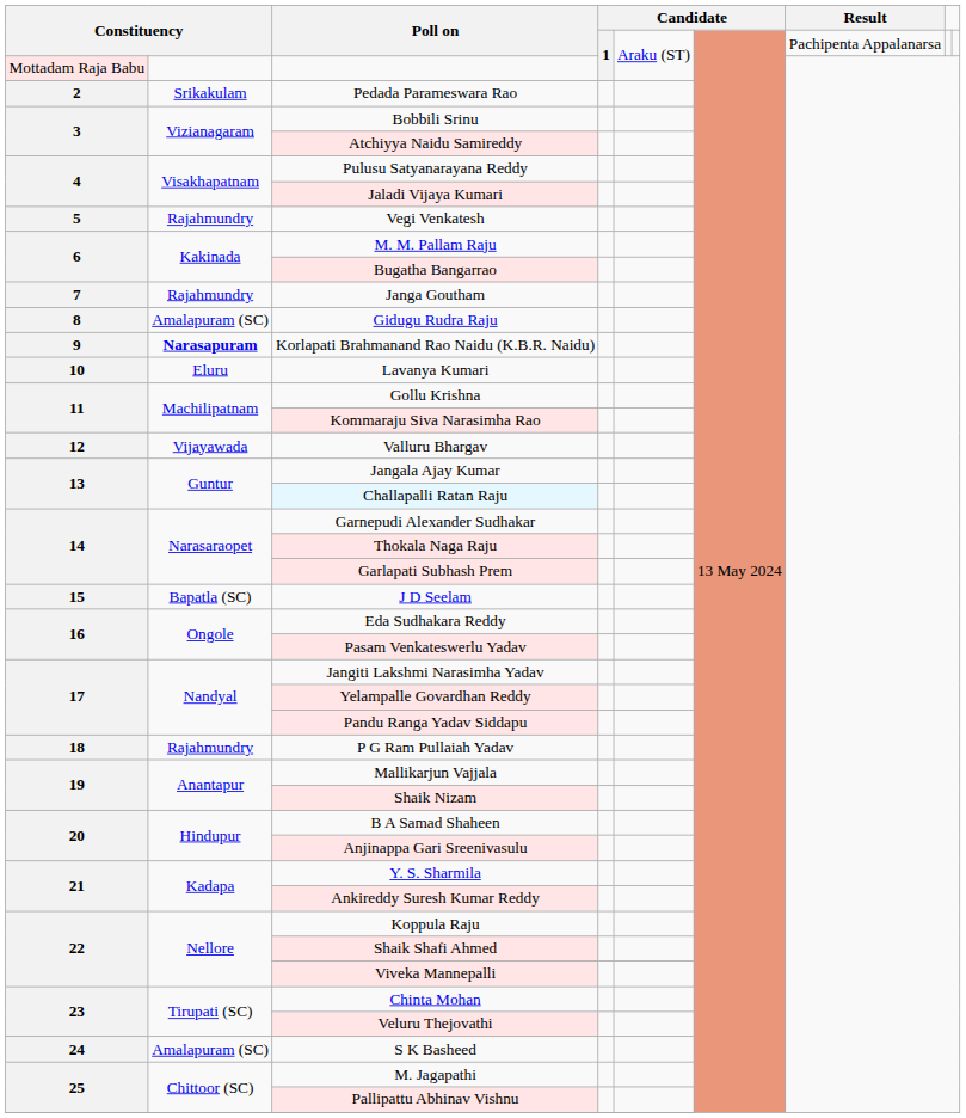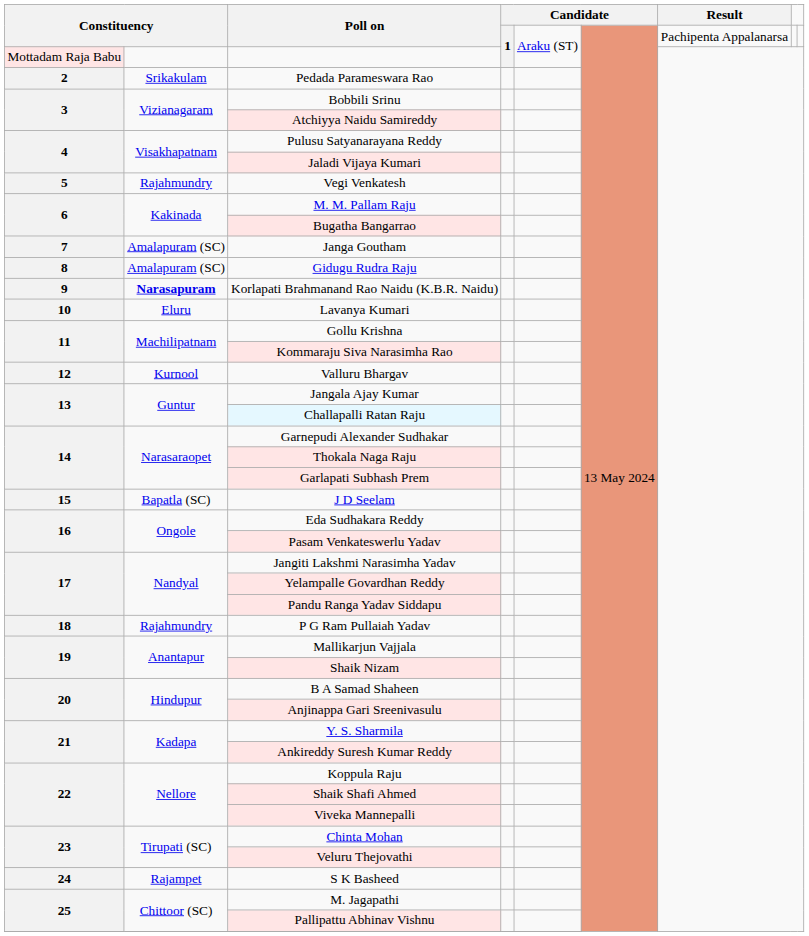 <table class="wikitable sortable"; style="text-align:center;">
 <tr>
 <th colspan="2" rowspan="2">Constituency</th>
 <th rowspan="2">Poll on</th>
 <th colspan="3">Candidate</th>
 <th>Result</th>
 </tr>
 <tr>
 <th rowspan="2">1</th>
 <td rowspan="2"><a href='#'>Araku</a> (ST)</td>
 <td rowspan="44" bgcolor="#E9967A">13 May 2024</td>
 <td>Pachipenta Appalanarsa</td>
 <td></td>
 <td></td>
 </tr>
 <tr>
 <td style="background:#ffe5e5">Mottadam Raja Babu</td>
 <td></td>
 <td></td>
 </tr>
 <tr>
 <th>2</th>
 <td><a href='#'>Srikakulam</a></td>
 <td>Pedada Parameswara Rao</td>
 <td></td>
 <td></td>
 </tr>
 <tr>
 <th rowspan="2">3</th>
 <td rowspan="2"><a href='#'>Vizianagaram</a></td>
 <td>Bobbili Srinu</td>
 <td></td>
 <td></td>
 </tr>
 <tr>
 <td style="background:#ffe5e5">Atchiyya Naidu Samireddy</td>
 <td></td>
 <td></td>
 </tr>
 <tr>
 <th rowspan="2">4</th>
 <td rowspan="2"><a href='#'>Visakhapatnam</a></td>
 <td>Pulusu Satyanarayana Reddy</td>
 <td></td>
 <td></td>
 </tr>
 <tr>
 <td style="background:#ffe5e5">Jaladi Vijaya Kumari</td>
 <td></td>
 <td></td>
 </tr>
 <tr>
 <th>5</th>
 <td><a href='#'>Rajahmundry</a></td>
 <td>Vegi Venkatesh</td>
 <td></td>
 <td></td>
 </tr>
 <tr>
 <th rowspan="2">6</th>
 <td rowspan="2"><a href='#'>Kakinada</a></td>
 <td><a href='#'>M. M. Pallam Raju</a></td>
 <td></td>
 <td></td>
 </tr>
 <tr>
 <td style="background:#ffe5e5">Bugatha Bangarrao</td>
 <td></td>
 <td></td>
 </tr>
 <tr>
 <th>7</th>
-<td><a href='#'>Rajahmundry</a></td>
+<td><a href='#'>Amalapuram</a> (SC)</td>
 <td>Janga Goutham</td>
 <td></td>
 <td></td>
 </tr>
 <tr>
 <th>8</th>
 <td><a href='#'>Amalapuram</a> (SC)</td>
 <td><a href='#'>Gidugu Rudra Raju</a></td>
 <td></td>
 <td></td>
 </tr>
 <tr>
 <th>9</th>
 <td><strong><a href='#'>Narasapuram</a></strong></td>
 <td>Korlapati Brahmanand Rao Naidu (K.B.R. Naidu)</td>
 <td></td>
 <td></td>
 </tr>
 <tr>
 <th>10</th>
 <td><a href='#'>Eluru</a></td>
 <td>Lavanya Kumari</td>
 <td></td>
 <td></td>
 </tr>
 <tr>
 <th rowspan="2">11</th>
 <td rowspan="2"><a href='#'>Machilipatnam</a></td>
 <td>Gollu Krishna</td>
 <td></td>
 <td></td>
 </tr>
 <tr>
 <td style="background:#ffe5e5">Kommaraju Siva Narasimha Rao</td>
 <td></td>
 <td></td>
 </tr>
 <tr>
 <th>12</th>
-<td><a href='#'>Vijayawada</a></td>
+<td><a href='#'>Kurnool</a></td>
 <td>Valluru Bhargav</td>
 <td></td>
 <td></td>
 </tr>
 <tr>
 <th rowspan="2">13</th>
 <td rowspan="2"><a href='#'>Guntur</a></td>
 <td>Jangala Ajay Kumar</td>
 <td></td>
 <td></td>
 </tr>
 <tr>
 <td style="background:#E5F8FF">Challapalli Ratan Raju</td>
 <td></td>
 <td></td>
 </tr>
 <tr>
 <th rowspan="3">14</th>
 <td rowspan="3"><a href='#'>Narasaraopet</a></td>
 <td>Garnepudi Alexander Sudhakar</td>
 <td></td>
 <td></td>
 </tr>
 <tr>
 <td style="background:#ffe5e5">Thokala Naga Raju</td>
 <td></td>
 <td></td>
 </tr>
 <tr>
 <td style="background:#ffe5e5">Garlapati Subhash Prem</td>
 <td></td>
 <td></td>
 </tr>
 <tr>
 <th>15</th>
 <td><a href='#'>Bapatla</a> (SC)</td>
 <td><a href='#'>J D Seelam</a></td>
 <td></td>
 <td></td>
 </tr>
 <tr>
 <th rowspan="2">16</th>
 <td rowspan="2"><a href='#'>Ongole</a></td>
 <td>Eda Sudhakara Reddy</td>
 <td></td>
 <td></td>
 </tr>
 <tr>
 <td style="background:#ffe5e5">Pasam Venkateswerlu Yadav</td>
 <td></td>
 <td></td>
 </tr>
 <tr>
 <th rowspan="3">17</th>
 <td rowspan="3"><a href='#'>Nandyal</a></td>
 <td>Jangiti Lakshmi Narasimha Yadav</td>
 <td></td>
 <td></td>
 </tr>
 <tr>
 <td style="background:#ffe5e5">Yelampalle Govardhan Reddy</td>
 <td></td>
 <td></td>
 </tr>
 <tr>
 <td style="background:#ffe5e5">Pandu Ranga Yadav Siddapu</td>
 <td></td>
 <td></td>
 </tr>
 <tr>
 <th>18</th>
 <td><a href='#'>Rajahmundry</a></td>
 <td>P G Ram Pullaiah Yadav</td>
 <td></td>
 <td></td>
 </tr>
 <tr>
 <th rowspan="2">19</th>
 <td rowspan="2"><a href='#'>Anantapur</a></td>
 <td>Mallikarjun Vajjala</td>
 <td></td>
 <td></td>
 </tr>
 <tr>
 <td style="background:#ffe5e5">Shaik Nizam</td>
 <td></td>
 <td></td>
 </tr>
 <tr>
 <th rowspan="2">20</th>
 <td rowspan="2"><a href='#'>Hindupur</a></td>
 <td>B A Samad Shaheen</td>
 <td></td>
 <td></td>
 </tr>
 <tr>
 <td style="background:#ffe5e5">Anjinappa Gari Sreenivasulu</td>
 <td></td>
 <td></td>
 </tr>
 <tr>
 <th rowspan="2">21</th>
 <td rowspan="2"><a href='#'>Kadapa</a></td>
 <td><a href='#'>Y. S. Sharmila</a></td>
 <td></td>
 <td></td>
 </tr>
 <tr>
 <td style="background:#ffe5e5">Ankireddy Suresh Kumar Reddy</td>
 <td></td>
 <td></td>
 </tr>
 <tr>
 <th rowspan="3">22</th>
 <td rowspan="3"><a href='#'>Nellore</a></td>
 <td>Koppula Raju</td>
 <td></td>
 <td></td>
 </tr>
 <tr>
 <td style="background:#ffe5e5">Shaik Shafi Ahmed</td>
 <td></td>
 <td></td>
 </tr>
 <tr>
 <td style="background:#ffe5e5">Viveka Mannepalli</td>
 <td></td>
 <td></td>
 </tr>
 <tr>
 <th rowspan="2">23</th>
 <td rowspan="2"><a href='#'>Tirupati</a> (SC)</td>
 <td><a href='#'>Chinta Mohan</a></td>
 <td></td>
 <td></td>
 </tr>
 <tr>
 <td style="background:#ffe5e5">Veluru Thejovathi</td>
 <td></td>
 <td></td>
 </tr>
 <tr>
 <th>24</th>
-<td><a href='#'>Amalapuram</a> (SC)</td>
+<td><a href='#'>Rajampet</a></td>
 <td>S K Basheed</td>
 <td></td>
 <td></td>
 </tr>
 <tr>
 <th rowspan="2">25</th>
 <td rowspan="2"><a href='#'>Chittoor</a> (SC)</td>
 <td>M. Jagapathi</td>
 <td></td>
 <td></td>
 </tr>
 <tr>
 <td style="background:#ffe5e5">Pallipattu Abhinav Vishnu</td>
 <td></td>
 <td></td>
 </tr>
 <tr>
 </tr>
 </table>
